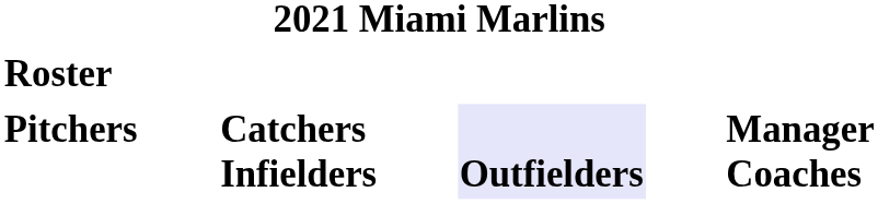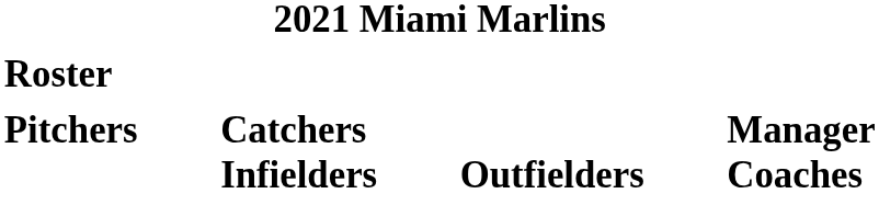 <table class="toccolours" style="font-size: 95%;">
 <tr>
 <th colspan="10">2021 Miami Marlins</th>
 </tr>
 <tr>
 <td colspan="10"><strong>Roster</strong></td>
 </tr>
 <tr>
 <td valign="top"><strong>Pitchers</strong><br>                                </td>
 <td style="width:25px;"></td>
 <td valign="top"><strong>Catchers</strong><br>      <strong>Infielders</strong>            </td>
 <td style="width:25px;"></td>
-<td valign="top" style="background: lavender;"><br><strong>Outfielders</strong>          </td>
+<td valign="top"><br><strong>Outfielders</strong>          </td>
 <td style="width:25px;"></td>
 <td valign="top"><strong>Manager</strong><br> <strong>Coaches</strong>                     </td>
 </tr>
 </table>
